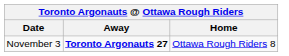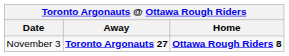 <table class="wikitable">
 <tr>
 <th colspan=4><a href='#'>Toronto Argonauts</a> @ <a href='#'>Ottawa Rough Riders</a></th>
 </tr>
 <tr>
 <th>Date</th>
 <th>Away</th>
 <th>Home</th>
 </tr>
 <tr>
 <td>November 3</td>
 <td><strong><a href='#'>Toronto Argonauts</a> 27</strong></td>
-<td><a href='#'>Ottawa Rough Riders</a> 8</td>
+<td><strong><a href='#'>Ottawa Rough Riders</a> 8</strong></td>
 </tr>
 </table>
